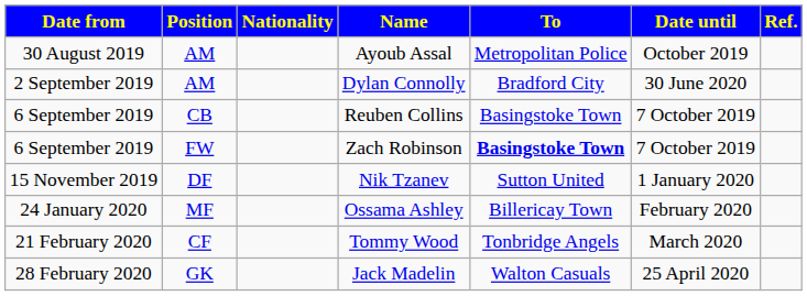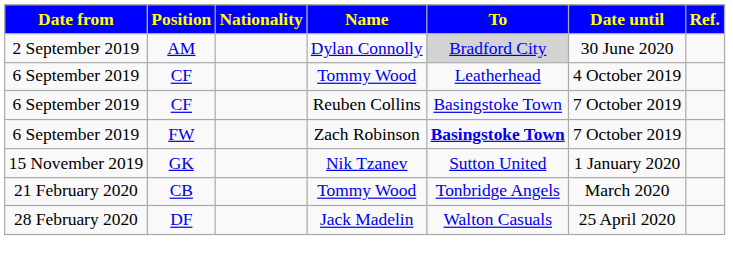 <table class="wikitable"  style="text-align:center; font-size:90%; ">
 <tr>
 <th style="background:#0000ff; color:#FFFF00; ">Date from</th>
 <th style="background:#0000ff; color:#FFFF00; ">Position</th>
 <th style="background:#0000ff; color:#FFFF00; ">Nationality</th>
 <th style="background:#0000ff; color:#FFFF00; ">Name</th>
 <th style="background:#0000ff; color:#FFFF00; ">To</th>
 <th style="background:#0000ff; color:#FFFF00; ">Date until</th>
 <th style="background:#0000ff; color:#FFFF00; ">Ref.</th>
 </tr>
 <tr>
-<td>30 August 2019</td>
-<td><a href='#'>AM</a></td>
-<td></td>
-<td>Ayoub Assal</td>
-<td> <a href='#'>Metropolitan Police</a></td>
-<td>October 2019</td>
-<td></td>
-</tr>
-<tr>
 <td>2 September 2019</td>
 <td><a href='#'>AM</a></td>
 <td></td>
 <td><a href='#'>Dylan Connolly</a></td>
-<td> <a href='#'>Bradford City</a></td>
+<td style="background: lightgrey;"> <a href='#'>Bradford City</a></td>
 <td>30 June 2020</td>
 <td></td>
 </tr>
 <tr>
 <td>6 September 2019</td>
-<td><a href='#'>CB</a></td>
+<td><a href='#'>CF</a></td>
+<td></td>
+<td><a href='#'>Tommy Wood</a></td>
+<td> <a href='#'>Leatherhead</a></td>
+<td>4 October 2019</td>
+<td></td>
+</tr>
+<tr>
+<td>6 September 2019</td>
+<td><a href='#'>CF</a></td>
 <td></td>
 <td>Reuben Collins</td>
 <td> <a href='#'>Basingstoke Town</a></td>
 <td>7 October 2019</td>
 <td></td>
 </tr>
 <tr>
 <td>6 September 2019</td>
 <td><a href='#'>FW</a></td>
 <td></td>
 <td>Zach Robinson</td>
 <td><strong> <a href='#'>Basingstoke Town</a></strong></td>
 <td>7 October 2019</td>
 <td></td>
 </tr>
 <tr>
 <td>15 November 2019</td>
-<td><a href='#'>DF</a></td>
+<td><a href='#'>GK</a></td>
 <td></td>
 <td><a href='#'>Nik Tzanev</a></td>
 <td> <a href='#'>Sutton United</a></td>
 <td>1 January 2020</td>
 <td></td>
 </tr>
 <tr>
-<td>24 January 2020</td>
-<td><a href='#'>MF</a></td>
-<td></td>
-<td><a href='#'>Ossama Ashley</a></td>
-<td> <a href='#'>Billericay Town</a></td>
-<td>February 2020</td>
-<td></td>
-</tr>
-<tr>
 <td>21 February 2020</td>
-<td><a href='#'>CF</a></td>
+<td><a href='#'>CB</a></td>
 <td></td>
 <td><a href='#'>Tommy Wood</a></td>
 <td> <a href='#'>Tonbridge Angels</a></td>
 <td>March 2020</td>
 <td></td>
 </tr>
 <tr>
 <td>28 February 2020</td>
-<td><a href='#'>GK</a></td>
+<td><a href='#'>DF</a></td>
 <td></td>
 <td><a href='#'>Jack Madelin</a></td>
 <td> <a href='#'>Walton Casuals</a></td>
 <td>25 April 2020</td>
 <td></td>
 </tr>
 </table>
